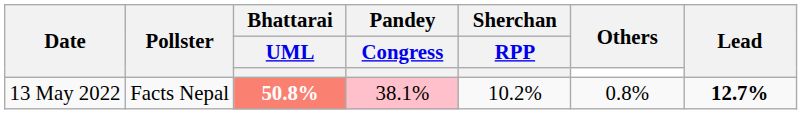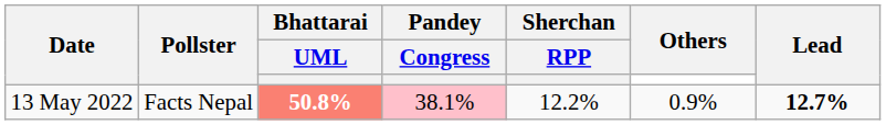 <table class="wikitable sortable" style="text-align:center;font-size:95%;line-height:16px">
 <tr>
 <th rowspan="3">Date</th>
 <th rowspan="3">Pollster</th>
 <th style="width:75px;">Bhattarai</th>
 <th style="width:75px;">Pandey</th>
 <th style="width:75px;">Sherchan</th>
 <th rowspan="2" style="width:75px;">Others</th>
 <th rowspan="3" style="width:75px;">Lead</th>
 </tr>
 <tr>
 <th><a href='#'>UML</a></th>
 <th><a href='#'>Congress</a></th>
 <th><a href='#'>RPP</a></th>
 </tr>
 <tr>
 <th style="background:"></th>
 <th style="background:"></th>
 <th style="background:"></th>
 <th style="background:white"></th>
 </tr>
 <tr>
 <td>13 May 2022</td>
 <td>Facts Nepal</td>
 <td style="background:salmon;color:#FFFFFF;"><strong>50.8%</strong></td>
 <td style="background: pink;">38.1%</td>
-<td>10.2%</td>
-<td>0.8%</td>
+<td>12.2%</td>
+<td>0.9%</td>
 <td style="background:"><strong>12.7%</strong></td>
 </tr>
 </table>
